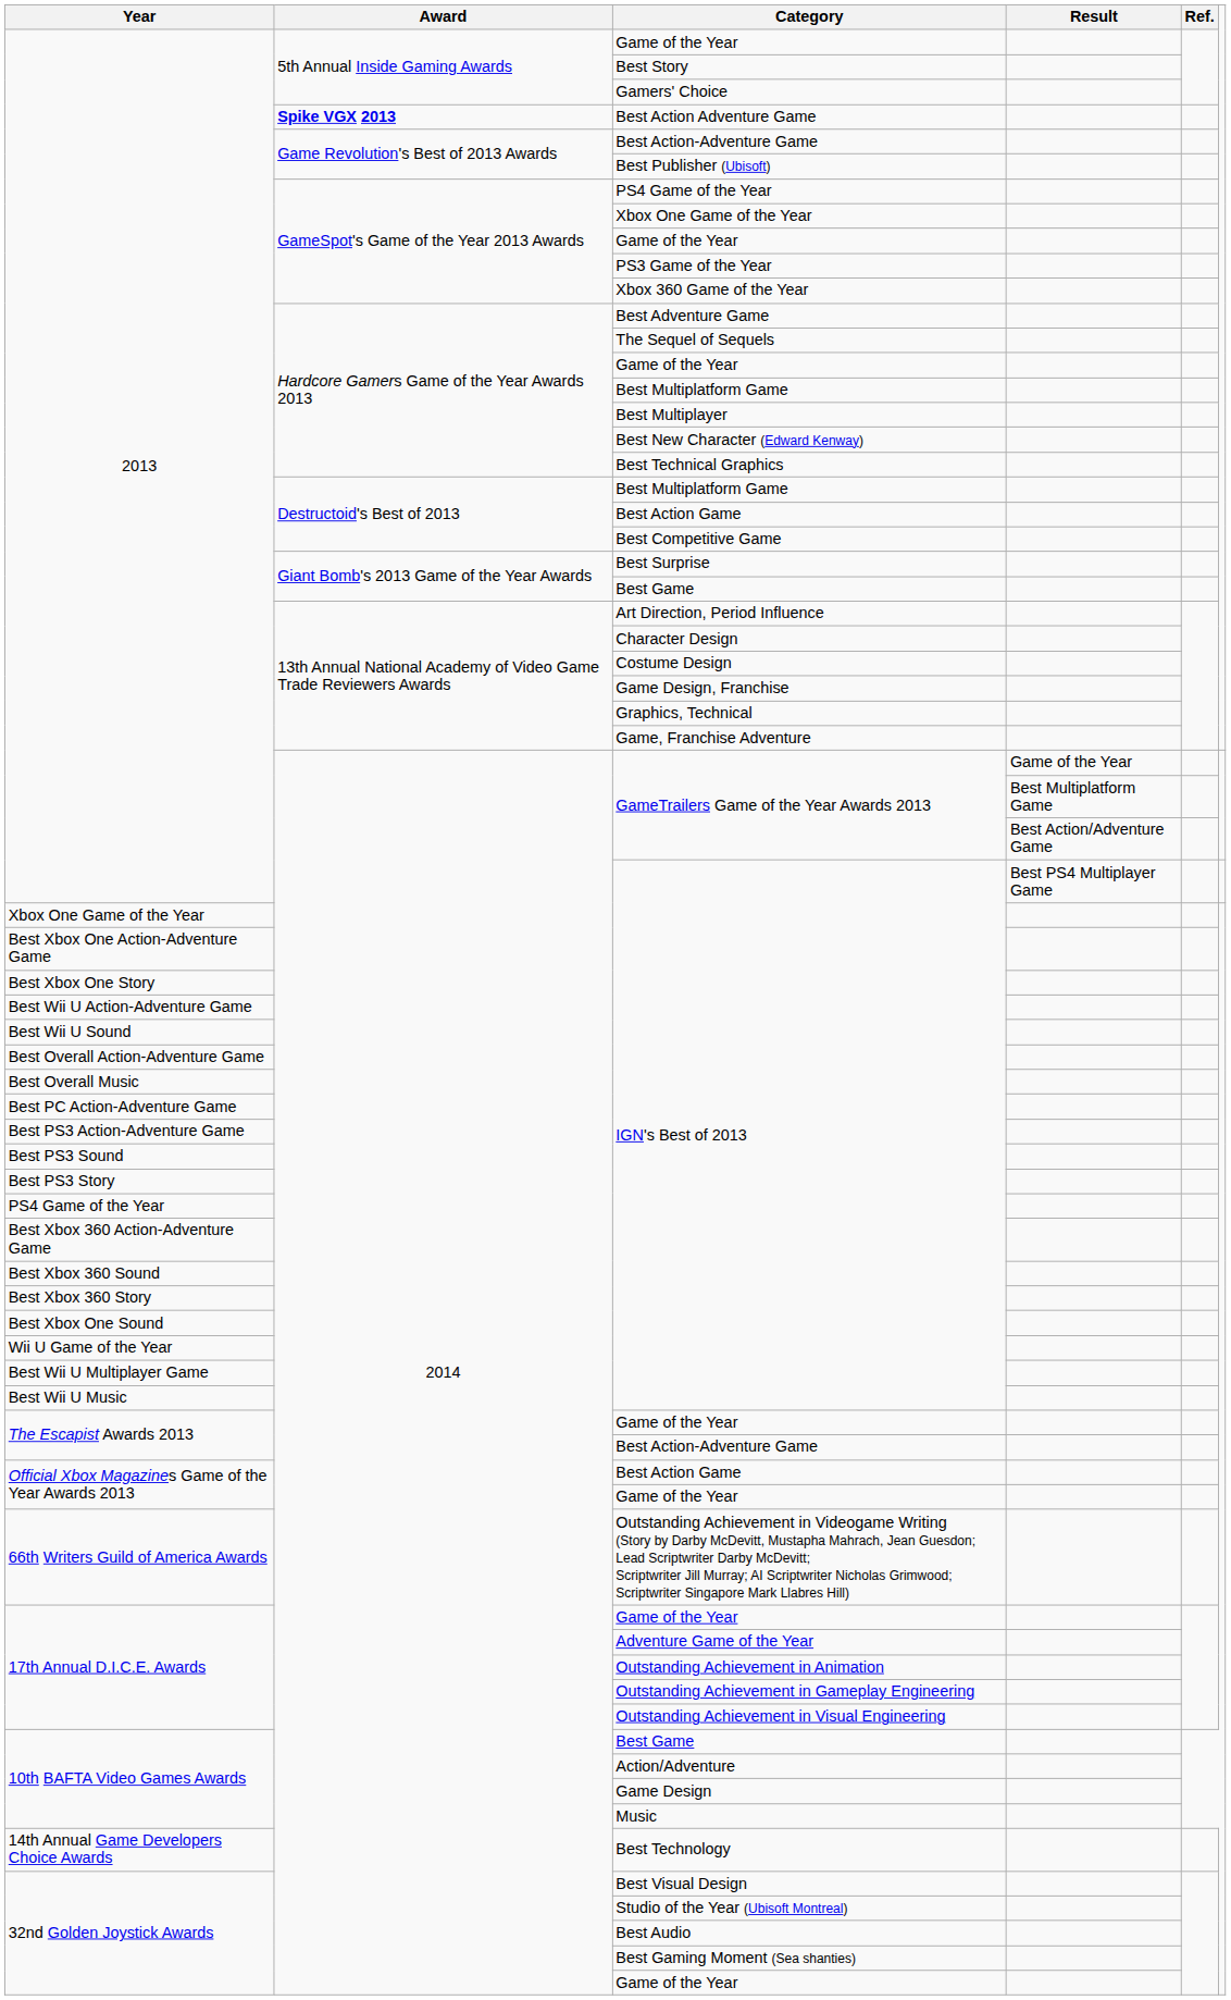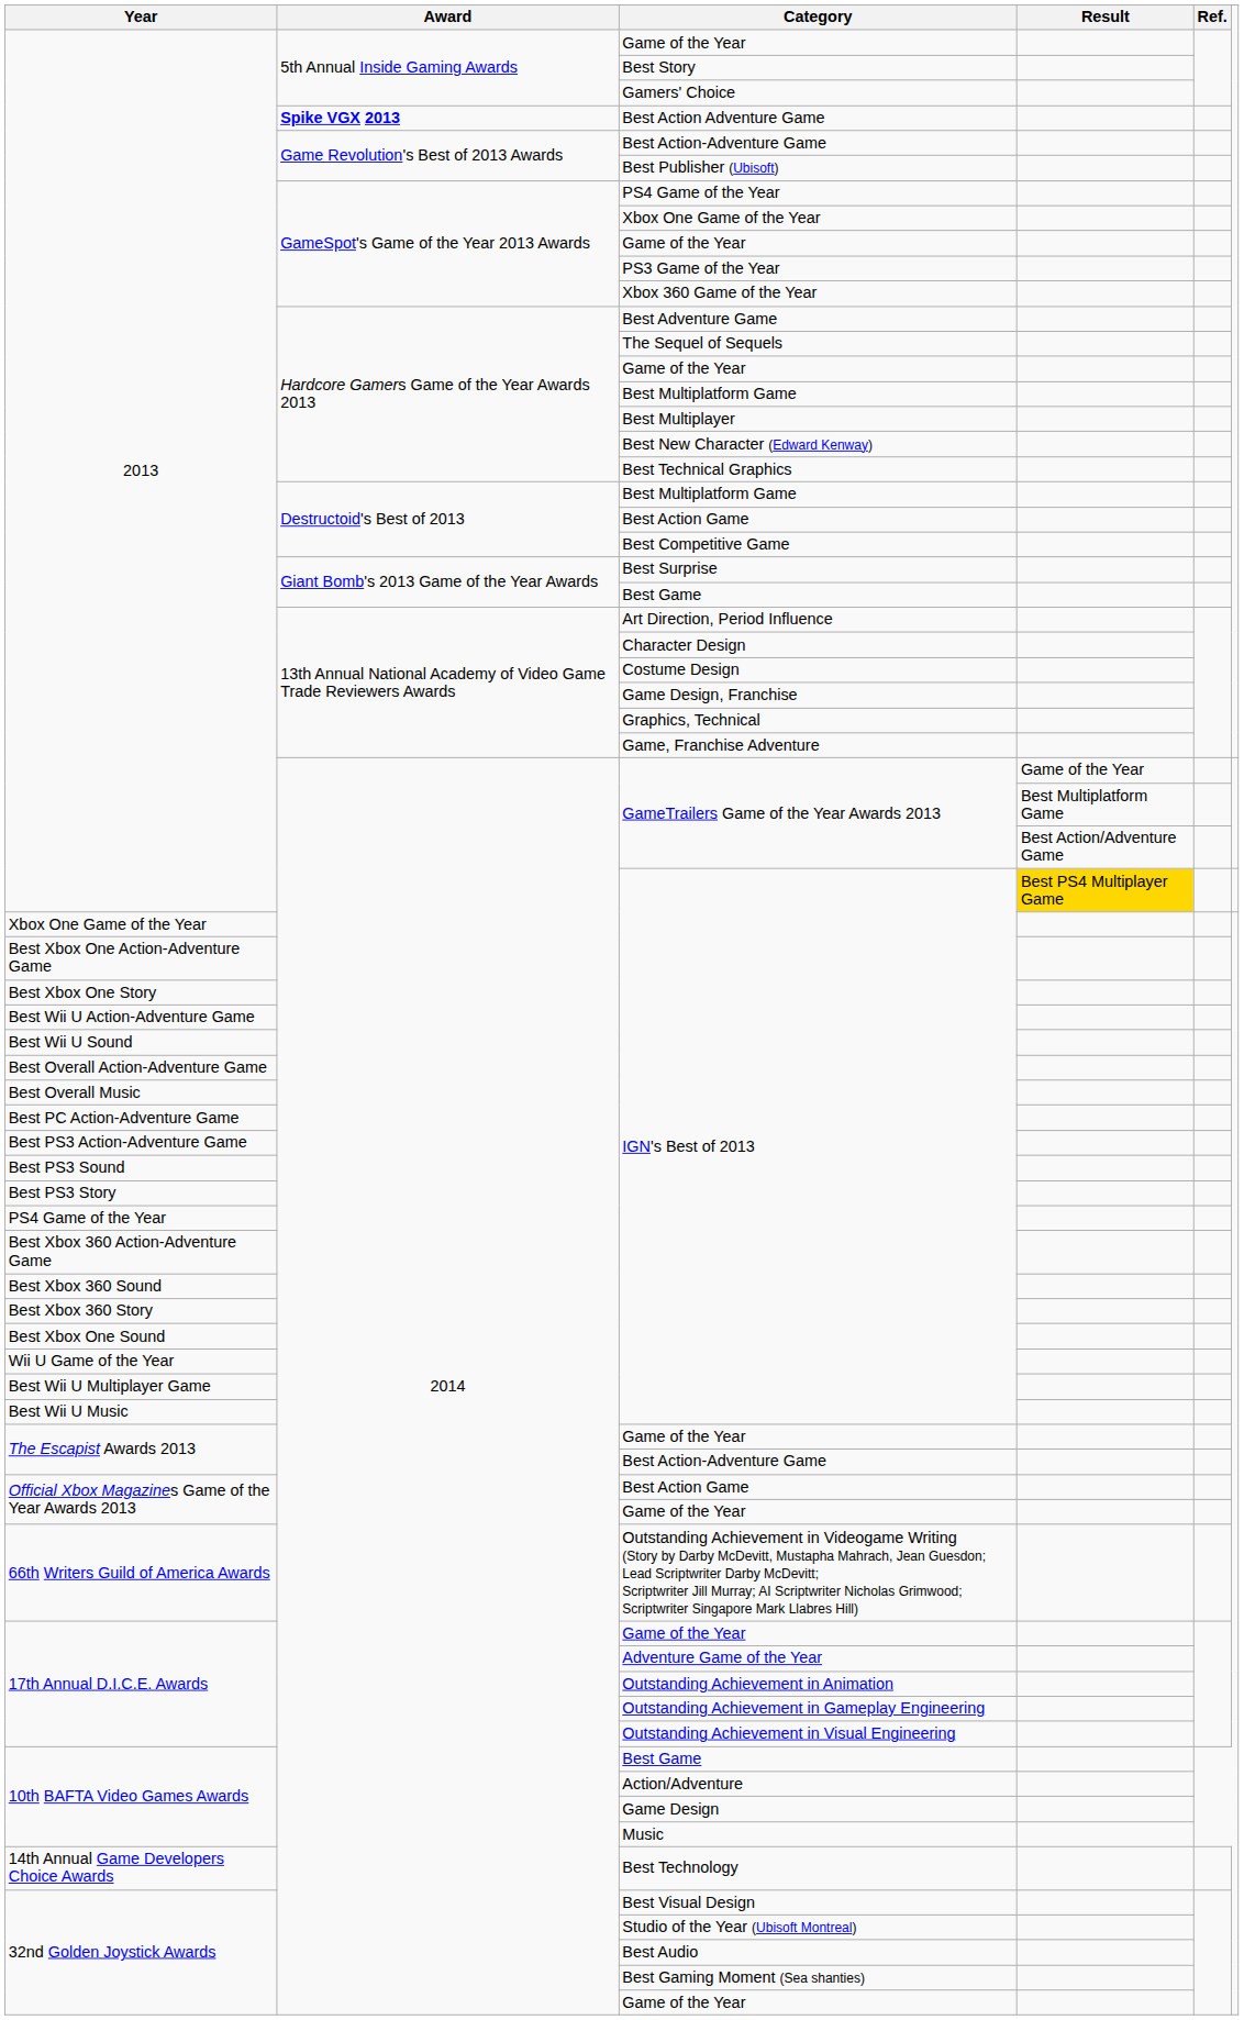 <table class="wikitable sortable">
 <tr>
 <th>Year</th>
 <th>Award</th>
 <th>Category</th>
 <th>Result</th>
 <th class="unsortable">Ref.</th>
 </tr>
 <tr>
 <td rowspan="33" style="text-align:center;">2013</td>
 <td rowspan="3">5th Annual <a href='#'>Inside Gaming Awards</a></td>
 <td>Game of the Year</td>
 <td></td>
 <td rowspan="3" style="text-align:center;"></td>
 </tr>
 <tr>
 <td>Best Story</td>
 <td></td>
 </tr>
 <tr>
 <td>Gamers' Choice</td>
 <td></td>
 </tr>
 <tr>
 <td><strong><a href='#'>Spike VGX</a> <a href='#'>2013</a></strong></td>
 <td>Best Action Adventure Game</td>
 <td></td>
 <td style="text-align:center;"></td>
 </tr>
 <tr>
 <td rowspan="2"><a href='#'>Game Revolution</a>'s Best of 2013 Awards</td>
 <td>Best Action-Adventure Game</td>
 <td></td>
 <td style="text-align:center;"></td>
 </tr>
 <tr>
 <td>Best Publisher <small>(<a href='#'>Ubisoft</a>)</small></td>
 <td></td>
 <td style="text-align:center;"></td>
 </tr>
 <tr>
 <td rowspan="5"><a href='#'>GameSpot</a>'s Game of the Year 2013 Awards</td>
 <td>PS4 Game of the Year</td>
 <td></td>
 <td style="text-align:center;"></td>
 </tr>
 <tr>
 <td>Xbox One Game of the Year</td>
 <td></td>
 <td style="text-align:center;"></td>
 </tr>
 <tr>
 <td>Game of the Year</td>
 <td></td>
 <td style="text-align:center;"></td>
 </tr>
 <tr>
 <td>PS3 Game of the Year</td>
 <td></td>
 <td style="text-align:center;"></td>
 </tr>
 <tr>
 <td>Xbox 360 Game of the Year</td>
 <td></td>
 <td style="text-align:center;"></td>
 </tr>
 <tr>
 <td rowspan="7"><em>Hardcore Gamer</em>s Game of the Year Awards 2013</td>
 <td>Best Adventure Game</td>
 <td></td>
 <td style="text-align:center;"></td>
 </tr>
 <tr>
 <td>The Sequel of Sequels</td>
 <td></td>
 <td style="text-align:center;"></td>
 </tr>
 <tr>
 <td>Game of the Year</td>
 <td></td>
 <td style="text-align:center;"></td>
 </tr>
 <tr>
 <td>Best Multiplatform Game</td>
 <td></td>
 <td style="text-align:center;"></td>
 </tr>
 <tr>
 <td>Best Multiplayer</td>
 <td></td>
 <td style="text-align:center;"></td>
 </tr>
 <tr>
 <td>Best New Character <small>(<a href='#'>Edward Kenway</a>)</small></td>
 <td></td>
 <td style="text-align:center;"></td>
 </tr>
 <tr>
 <td>Best Technical Graphics</td>
 <td></td>
 <td style="text-align:center;"></td>
 </tr>
 <tr>
 <td rowspan="3"><a href='#'>Destructoid</a>'s Best of 2013</td>
 <td>Best Multiplatform Game</td>
 <td></td>
 <td style="text-align:center;"></td>
 </tr>
 <tr>
 <td>Best Action Game</td>
 <td></td>
 <td style="text-align:center;"></td>
 </tr>
 <tr>
 <td>Best Competitive Game</td>
 <td></td>
 <td style="text-align:center;"></td>
 </tr>
 <tr>
 <td rowspan="2"><a href='#'>Giant Bomb</a>'s 2013 Game of the Year Awards</td>
 <td>Best Surprise</td>
 <td></td>
 <td style="text-align:center;"></td>
 </tr>
 <tr>
 <td>Best Game</td>
 <td></td>
 <td style="text-align:center;"></td>
 </tr>
 <tr>
 <td rowspan="6">13th Annual National Academy of Video Game Trade Reviewers Awards</td>
 <td>Art Direction, Period Influence</td>
 <td></td>
 <td rowspan="6" style="text-align:center;"></td>
 </tr>
 <tr>
 <td>Character Design</td>
 <td></td>
 </tr>
 <tr>
 <td>Costume Design</td>
 <td></td>
 </tr>
 <tr>
 <td>Game Design, Franchise</td>
 <td></td>
 </tr>
 <tr>
 <td>Graphics, Technical</td>
 <td></td>
 </tr>
 <tr>
 <td>Game, Franchise Adventure</td>
 <td></td>
 </tr>
 <tr>
 <td rowspan="43" style="text-align:center;">2014</td>
 <td rowspan="3"><a href='#'>GameTrailers</a> Game of the Year Awards 2013</td>
 <td>Game of the Year</td>
 <td></td>
 <td rowspan="3" style="text-align:center;"></td>
 </tr>
 <tr>
 <td>Best Multiplatform Game</td>
 <td></td>
 </tr>
 <tr>
 <td>Best Action/Adventure Game</td>
 <td></td>
 </tr>
 <tr>
 <td rowspan="20"><a href='#'>IGN</a>'s Best of 2013</td>
-<td>Best PS4 Multiplayer Game</td>
+<td style="background: gold;">Best PS4 Multiplayer Game</td>
 <td></td>
 <td style="text-align:center;"></td>
 </tr>
 <tr>
 <td>Xbox One Game of the Year</td>
 <td></td>
 <td style="text-align:center;"></td>
 </tr>
 <tr>
 <td>Best Xbox One Action-Adventure Game</td>
 <td></td>
 <td style="text-align:center;"></td>
 </tr>
 <tr>
 <td>Best Xbox One Story</td>
 <td></td>
 <td style="text-align:center;"></td>
 </tr>
 <tr>
 <td>Best Wii U Action-Adventure Game</td>
 <td></td>
 <td style="text-align:center;"></td>
 </tr>
 <tr>
 <td>Best Wii U Sound</td>
 <td></td>
 <td style="text-align:center;"></td>
 </tr>
 <tr>
 <td>Best Overall Action-Adventure Game</td>
 <td></td>
 <td style="text-align:center;"></td>
 </tr>
 <tr>
 <td>Best Overall Music</td>
 <td></td>
 <td style="text-align:center;"></td>
 </tr>
 <tr>
 <td>Best PC Action-Adventure Game</td>
 <td></td>
 <td style="text-align:center;"></td>
 </tr>
 <tr>
 <td>Best PS3 Action-Adventure Game</td>
 <td></td>
 <td style="text-align:center;"></td>
 </tr>
 <tr>
 <td>Best PS3 Sound</td>
 <td></td>
 <td style="text-align:center;"></td>
 </tr>
 <tr>
 <td>Best PS3 Story</td>
 <td></td>
 <td style="text-align:center;"></td>
 </tr>
 <tr>
 <td>PS4 Game of the Year</td>
 <td></td>
 <td style="text-align:center;"></td>
 </tr>
 <tr>
 <td>Best Xbox 360 Action-Adventure Game</td>
 <td></td>
 <td style="text-align:center;"></td>
 </tr>
 <tr>
 <td>Best Xbox 360 Sound</td>
 <td></td>
 <td style="text-align:center;"></td>
 </tr>
 <tr>
 <td>Best Xbox 360 Story</td>
 <td></td>
 <td style="text-align:center;"></td>
 </tr>
 <tr>
 <td>Best Xbox One Sound</td>
 <td></td>
 <td style="text-align:center;"></td>
 </tr>
 <tr>
 <td>Wii U Game of the Year</td>
 <td></td>
 <td style="text-align:center;"></td>
 </tr>
 <tr>
 <td>Best Wii U Multiplayer Game</td>
 <td></td>
 <td style="text-align:center;"></td>
 </tr>
 <tr>
 <td>Best Wii U Music</td>
 <td></td>
 <td style="text-align:center;"></td>
 </tr>
 <tr>
 <td rowspan="2"><em><a href='#'>The Escapist</a></em> Awards 2013</td>
 <td>Game of the Year</td>
 <td></td>
 <td style="text-align:center;"></td>
 </tr>
 <tr>
 <td>Best Action-Adventure Game</td>
 <td></td>
 <td style="text-align:center;"></td>
 </tr>
 <tr>
 <td rowspan="2"><em><a href='#'>Official Xbox Magazine</a></em>s Game of the Year Awards 2013</td>
 <td>Best Action Game</td>
 <td></td>
 <td style="text-align:center;"></td>
 </tr>
 <tr>
 <td>Game of the Year</td>
 <td></td>
 <td style="text-align:center;"></td>
 </tr>
 <tr>
 <td><a href='#'>66th</a> <a href='#'>Writers Guild of America Awards</a></td>
 <td>Outstanding Achievement in Videogame Writing<br><small>(Story by Darby McDevitt, Mustapha Mahrach, Jean Guesdon; Lead Scriptwriter Darby McDevitt;<br>Scriptwriter Jill Murray; AI Scriptwriter Nicholas Grimwood; Scriptwriter Singapore Mark Llabres Hill)</small></td>
 <td></td>
 <td style="text-align:center;"></td>
 </tr>
 <tr>
 <td rowspan="5"><a href='#'>17th Annual D.I.C.E. Awards</a></td>
 <td><a href='#'>Game of the Year</a></td>
 <td></td>
 <td rowspan="5" style="text-align:center;"></td>
 </tr>
 <tr>
 <td><a href='#'>Adventure Game of the Year</a></td>
 <td></td>
 </tr>
 <tr>
 <td><a href='#'>Outstanding Achievement in Animation</a></td>
 <td></td>
 </tr>
 <tr>
 <td><a href='#'>Outstanding Achievement in Gameplay Engineering</a></td>
 <td></td>
 </tr>
 <tr>
 <td><a href='#'>Outstanding Achievement in Visual Engineering</a></td>
 <td></td>
 </tr>
 <tr>
 <td rowspan="4"><a href='#'>10th</a> <a href='#'>BAFTA Video Games Awards</a></td>
 <td><a href='#'>Best Game</a></td>
 <td></td>
 </tr>
 <tr>
 <td>Action/Adventure</td>
 <td></td>
 </tr>
 <tr>
 <td>Game Design</td>
 <td></td>
 </tr>
 <tr>
 <td>Music</td>
 <td></td>
 </tr>
 <tr>
 <td>14th Annual <a href='#'>Game Developers Choice Awards</a></td>
 <td>Best Technology</td>
 <td></td>
 <td style="text-align:center;"></td>
 </tr>
 <tr>
 <td rowspan="5">32nd <a href='#'>Golden Joystick Awards</a></td>
 <td>Best Visual Design</td>
 <td></td>
 <td rowspan="5" style="text-align:center;"><br></td>
 </tr>
 <tr>
 <td>Studio of the Year <small>(<a href='#'>Ubisoft Montreal</a>)</small></td>
 <td></td>
 </tr>
 <tr>
 <td>Best Audio</td>
 <td></td>
 </tr>
 <tr>
 <td>Best Gaming Moment <small>(Sea shanties)</small></td>
 <td></td>
 </tr>
 <tr>
 <td>Game of the Year</td>
 <td></td>
 </tr>
 </table>
